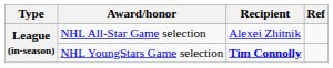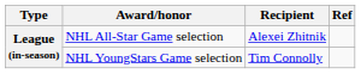 <table class="wikitable">
 <tr>
 <th scope="col">Type</th>
 <th scope="col">Award/honor</th>
 <th scope="col">Recipient</th>
 <th scope="col">Ref</th>
 </tr>
 <tr>
 <th scope="row" rowspan="2">League<br><small>(in-season)</small></th>
 <td><a href='#'>NHL All-Star Game</a> selection</td>
 <td><a href='#'>Alexei Zhitnik</a></td>
 <td></td>
 </tr>
 <tr>
 <td><a href='#'>NHL YoungStars Game</a> selection</td>
-<td><strong><a href='#'>Tim Connolly</a></strong></td>
+<td><a href='#'>Tim Connolly</a></td>
 <td></td>
 </tr>
 </table>
